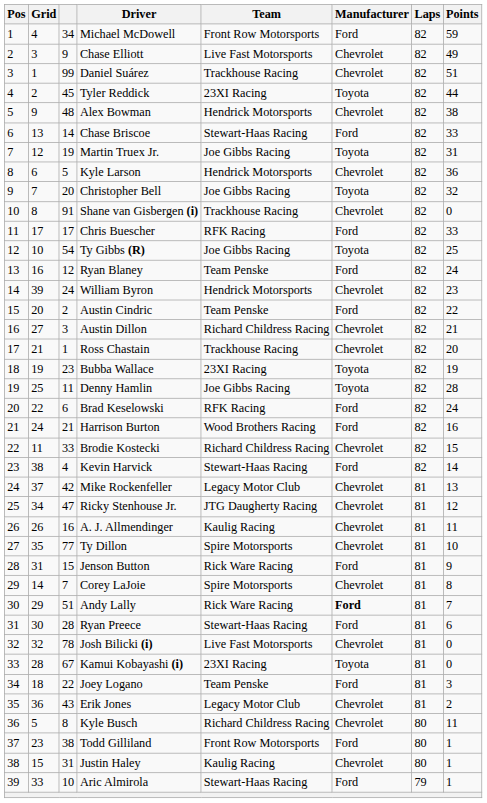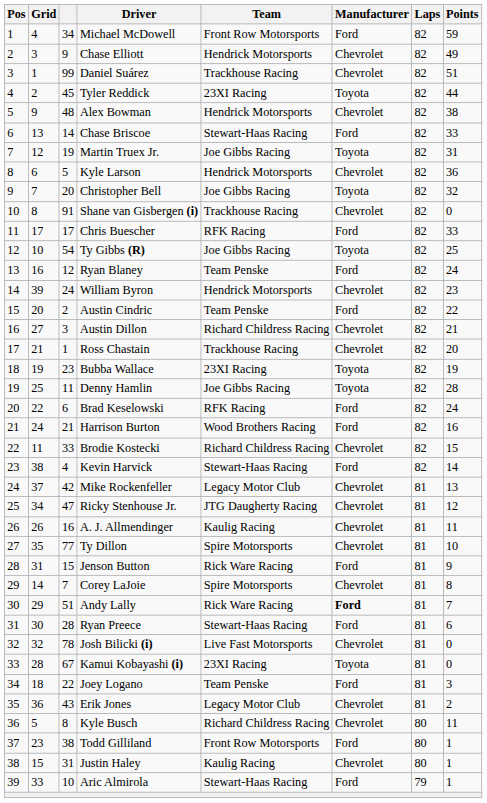 <table class="wikitable" style="font-size:98%">
 <tr>
 <th>Pos</th>
 <th>Grid</th>
 <th></th>
 <th>Driver</th>
 <th>Team</th>
 <th>Manufacturer</th>
 <th>Laps</th>
 <th>Points</th>
 </tr>
 <tr>
 <td>1</td>
 <td>4</td>
 <td>34</td>
 <td>Michael McDowell</td>
 <td>Front Row Motorsports</td>
 <td>Ford</td>
 <td>82</td>
 <td>59</td>
 </tr>
 <tr>
 <td>2</td>
 <td>3</td>
 <td>9</td>
 <td>Chase Elliott</td>
-<td>Live Fast Motorsports</td>
+<td>Hendrick Motorsports</td>
 <td>Chevrolet</td>
 <td>82</td>
 <td>49</td>
 </tr>
 <tr>
 <td>3</td>
 <td>1</td>
 <td>99</td>
 <td>Daniel Suárez</td>
 <td>Trackhouse Racing</td>
 <td>Chevrolet</td>
 <td>82</td>
 <td>51</td>
 </tr>
 <tr>
 <td>4</td>
 <td>2</td>
 <td>45</td>
 <td>Tyler Reddick</td>
 <td>23XI Racing</td>
 <td>Toyota</td>
 <td>82</td>
 <td>44</td>
 </tr>
 <tr>
 <td>5</td>
 <td>9</td>
 <td>48</td>
 <td>Alex Bowman</td>
 <td>Hendrick Motorsports</td>
 <td>Chevrolet</td>
 <td>82</td>
 <td>38</td>
 </tr>
 <tr>
 <td>6</td>
 <td>13</td>
 <td>14</td>
 <td>Chase Briscoe</td>
 <td>Stewart-Haas Racing</td>
 <td>Ford</td>
 <td>82</td>
 <td>33</td>
 </tr>
 <tr>
 <td>7</td>
 <td>12</td>
 <td>19</td>
 <td>Martin Truex Jr.</td>
 <td>Joe Gibbs Racing</td>
 <td>Toyota</td>
 <td>82</td>
 <td>31</td>
 </tr>
 <tr>
 <td>8</td>
 <td>6</td>
 <td>5</td>
 <td>Kyle Larson</td>
 <td>Hendrick Motorsports</td>
 <td>Chevrolet</td>
 <td>82</td>
 <td>36</td>
 </tr>
 <tr>
 <td>9</td>
 <td>7</td>
 <td>20</td>
 <td>Christopher Bell</td>
 <td>Joe Gibbs Racing</td>
 <td>Toyota</td>
 <td>82</td>
 <td>32</td>
 </tr>
 <tr>
 <td>10</td>
 <td>8</td>
 <td>91</td>
 <td>Shane van Gisbergen <strong>(i)</strong></td>
 <td>Trackhouse Racing</td>
 <td>Chevrolet</td>
 <td>82</td>
 <td>0</td>
 </tr>
 <tr>
 <td>11</td>
 <td>17</td>
 <td>17</td>
 <td>Chris Buescher</td>
 <td>RFK Racing</td>
 <td>Ford</td>
 <td>82</td>
 <td>33</td>
 </tr>
 <tr>
 <td>12</td>
 <td>10</td>
 <td>54</td>
 <td>Ty Gibbs <strong>(R)</strong></td>
 <td>Joe Gibbs Racing</td>
 <td>Toyota</td>
 <td>82</td>
 <td>25</td>
 </tr>
 <tr>
 <td>13</td>
 <td>16</td>
 <td>12</td>
 <td>Ryan Blaney</td>
 <td>Team Penske</td>
 <td>Ford</td>
 <td>82</td>
 <td>24</td>
 </tr>
 <tr>
 <td>14</td>
 <td>39</td>
 <td>24</td>
 <td>William Byron</td>
 <td>Hendrick Motorsports</td>
 <td>Chevrolet</td>
 <td>82</td>
 <td>23</td>
 </tr>
 <tr>
 <td>15</td>
 <td>20</td>
 <td>2</td>
 <td>Austin Cindric</td>
 <td>Team Penske</td>
 <td>Ford</td>
 <td>82</td>
 <td>22</td>
 </tr>
 <tr>
 <td>16</td>
 <td>27</td>
 <td>3</td>
 <td>Austin Dillon</td>
 <td>Richard Childress Racing</td>
 <td>Chevrolet</td>
 <td>82</td>
 <td>21</td>
 </tr>
 <tr>
 <td>17</td>
 <td>21</td>
 <td>1</td>
 <td>Ross Chastain</td>
 <td>Trackhouse Racing</td>
 <td>Chevrolet</td>
 <td>82</td>
 <td>20</td>
 </tr>
 <tr>
 <td>18</td>
 <td>19</td>
 <td>23</td>
 <td>Bubba Wallace</td>
 <td>23XI Racing</td>
 <td>Toyota</td>
 <td>82</td>
 <td>19</td>
 </tr>
 <tr>
 <td>19</td>
 <td>25</td>
 <td>11</td>
 <td>Denny Hamlin</td>
 <td>Joe Gibbs Racing</td>
 <td>Toyota</td>
 <td>82</td>
 <td>28</td>
 </tr>
 <tr>
 <td>20</td>
 <td>22</td>
 <td>6</td>
 <td>Brad Keselowski</td>
 <td>RFK Racing</td>
 <td>Ford</td>
 <td>82</td>
 <td>24</td>
 </tr>
 <tr>
 <td>21</td>
 <td>24</td>
 <td>21</td>
 <td>Harrison Burton</td>
 <td>Wood Brothers Racing</td>
 <td>Ford</td>
 <td>82</td>
 <td>16</td>
 </tr>
 <tr>
 <td>22</td>
 <td>11</td>
 <td>33</td>
 <td>Brodie Kostecki</td>
 <td>Richard Childress Racing</td>
 <td>Chevrolet</td>
 <td>82</td>
 <td>15</td>
 </tr>
 <tr>
 <td>23</td>
 <td>38</td>
 <td>4</td>
 <td>Kevin Harvick</td>
 <td>Stewart-Haas Racing</td>
 <td>Ford</td>
 <td>82</td>
 <td>14</td>
 </tr>
 <tr>
 <td>24</td>
 <td>37</td>
 <td>42</td>
 <td>Mike Rockenfeller</td>
 <td>Legacy Motor Club</td>
 <td>Chevrolet</td>
 <td>81</td>
 <td>13</td>
 </tr>
 <tr>
 <td>25</td>
 <td>34</td>
 <td>47</td>
 <td>Ricky Stenhouse Jr.</td>
 <td>JTG Daugherty Racing</td>
 <td>Chevrolet</td>
 <td>81</td>
 <td>12</td>
 </tr>
 <tr>
 <td>26</td>
 <td>26</td>
 <td>16</td>
 <td>A. J. Allmendinger</td>
 <td>Kaulig Racing</td>
 <td>Chevrolet</td>
 <td>81</td>
 <td>11</td>
 </tr>
 <tr>
 <td>27</td>
 <td>35</td>
 <td>77</td>
 <td>Ty Dillon</td>
 <td>Spire Motorsports</td>
 <td>Chevrolet</td>
 <td>81</td>
 <td>10</td>
 </tr>
 <tr>
 <td>28</td>
 <td>31</td>
 <td>15</td>
 <td>Jenson Button</td>
 <td>Rick Ware Racing</td>
 <td>Ford</td>
 <td>81</td>
 <td>9</td>
 </tr>
 <tr>
 <td>29</td>
 <td>14</td>
 <td>7</td>
 <td>Corey LaJoie</td>
 <td>Spire Motorsports</td>
 <td>Chevrolet</td>
 <td>81</td>
 <td>8</td>
 </tr>
 <tr>
 <td>30</td>
 <td>29</td>
 <td>51</td>
 <td>Andy Lally</td>
 <td>Rick Ware Racing</td>
 <td><strong>Ford</strong></td>
 <td>81</td>
 <td>7</td>
 </tr>
 <tr>
 <td>31</td>
 <td>30</td>
 <td>28</td>
 <td>Ryan Preece</td>
 <td>Stewart-Haas Racing</td>
 <td>Ford</td>
 <td>81</td>
 <td>6</td>
 </tr>
 <tr>
 <td>32</td>
 <td>32</td>
 <td>78</td>
 <td>Josh Bilicki <strong>(i)</strong></td>
 <td>Live Fast Motorsports</td>
 <td>Chevrolet</td>
 <td>81</td>
 <td>0</td>
 </tr>
 <tr>
 <td>33</td>
 <td>28</td>
 <td>67</td>
 <td>Kamui Kobayashi <strong>(i)</strong></td>
 <td>23XI Racing</td>
 <td>Toyota</td>
 <td>81</td>
 <td>0</td>
 </tr>
 <tr>
 <td>34</td>
 <td>18</td>
 <td>22</td>
 <td>Joey Logano</td>
 <td>Team Penske</td>
 <td>Ford</td>
 <td>81</td>
 <td>3</td>
 </tr>
 <tr>
 <td>35</td>
 <td>36</td>
 <td>43</td>
 <td>Erik Jones</td>
 <td>Legacy Motor Club</td>
 <td>Chevrolet</td>
 <td>81</td>
 <td>2</td>
 </tr>
 <tr>
 <td>36</td>
 <td>5</td>
 <td>8</td>
 <td>Kyle Busch</td>
 <td>Richard Childress Racing</td>
 <td>Chevrolet</td>
 <td>80</td>
 <td>11</td>
 </tr>
 <tr>
 <td>37</td>
 <td>23</td>
 <td>38</td>
 <td>Todd Gilliland</td>
 <td>Front Row Motorsports</td>
 <td>Ford</td>
 <td>80</td>
 <td>1</td>
 </tr>
 <tr>
 <td>38</td>
 <td>15</td>
 <td>31</td>
 <td>Justin Haley</td>
 <td>Kaulig Racing</td>
 <td>Chevrolet</td>
 <td>80</td>
 <td>1</td>
 </tr>
 <tr>
 <td>39</td>
 <td>33</td>
 <td>10</td>
 <td>Aric Almirola</td>
 <td>Stewart-Haas Racing</td>
 <td>Ford</td>
 <td>79</td>
 <td>1</td>
 </tr>
 <tr>
 <th colspan="8"></th>
 </tr>
 </table>
